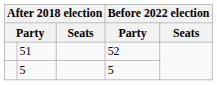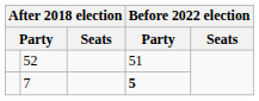 <table class="wikitable">
 <tr>
 <th colspan="3">After 2018 election</th>
 <th colspan="3">Before 2022 election</th>
 </tr>
 <tr>
 <th colspan="2">Party</th>
 <th>Seats</th>
 <th colspan="2">Party</th>
 <th>Seats</th>
 </tr>
 <tr>
 <td></td>
+<td>52</td>
+<td></td>
 <td>51</td>
-<td></td>
-<td>52</td>
 </tr>
 <tr>
 <td></td>
-<td>5</td>
+<td>7</td>
 <td></td>
-<td>5</td>
+<td><strong>5</strong></td>
 </tr>
 </table>
